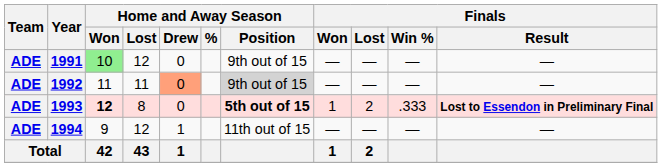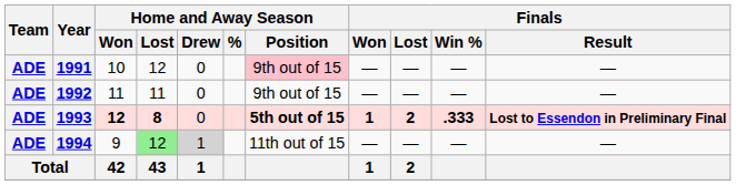 <table class="wikitable" style="font-size: 95%; text-align:center;">
 <tr>
 <th rowspan="2">Team</th>
 <th rowspan="2">Year</th>
 <th colspan="5">Home and Away Season</th>
 <th colspan="4">Finals</th>
 </tr>
 <tr>
 <th>Won</th>
 <th>Lost</th>
 <th>Drew</th>
 <th>%</th>
 <th>Position</th>
 <th>Won</th>
 <th>Lost</th>
 <th>Win %</th>
 <th>Result</th>
 </tr>
 <tr>
 <th><a href='#'>ADE</a></th>
 <th><a href='#'>1991</a></th>
-<td style="background: lightgreen;">10</td>
+<td>10</td>
 <td>12</td>
 <td>0</td>
 <td></td>
-<td>9th out of 15</td>
+<td style="background: pink;">9th out of 15</td>
 <td>—</td>
 <td>—</td>
 <td>—</td>
 <td>—</td>
 </tr>
 <tr>
 <th><a href='#'>ADE</a></th>
 <th><a href='#'>1992</a></th>
 <td>11</td>
 <td>11</td>
-<td style="background: lightsalmon;">0</td>
+<td>0</td>
 <td></td>
-<td style="background: lightgrey;">9th out of 15</td>
+<td>9th out of 15</td>
 <td>—</td>
 <td>—</td>
 <td>—</td>
 <td>—</td>
 </tr>
 <tr ! style="background:#fdd;">
 <th><a href='#'>ADE</a></th>
 <th><a href='#'>1993</a></th>
 <td><strong>12</strong></td>
-<td>8</td>
+<td><strong>8</strong></td>
 <td>0</td>
 <td></td>
 <td><strong>5th out of 15</strong></td>
-<td>1</td>
-<td>2</td>
-<td>.333</td>
+<td><strong>1</strong></td>
+<td><strong>2</strong></td>
+<td><strong>.333</strong></td>
 <td><small><strong>Lost to <a href='#'>Essendon</a> in Preliminary Final</strong></small></td>
 </tr>
 <tr>
 <th><a href='#'>ADE</a></th>
 <th><a href='#'>1994</a></th>
 <td>9</td>
-<td>12</td>
-<td>1</td>
+<td style="background: lightgreen;">12</td>
+<td style="background: lightgrey;">1</td>
 <td></td>
 <td>11th out of 15</td>
 <td>—</td>
 <td>—</td>
 <td>—</td>
 <td>—</td>
 </tr>
 <tr !>
 <th colspan="2">Total</th>
 <th>42</th>
 <th>43</th>
 <th>1</th>
 <th></th>
 <th></th>
 <th>1</th>
 <th>2</th>
 <th></th>
 <th></th>
 </tr>
 <tr>
 </tr>
 </table>
